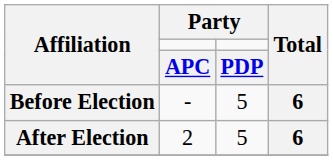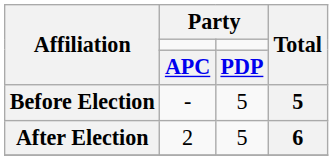 <table class="wikitable" style="text-align:center">
 <tr>
 <th rowspan="3">Affiliation</th>
 <th colspan="2">Party</th>
 <th rowspan="3">Total</th>
 </tr>
 <tr>
 <td style="background-color:"></td>
 <td style="background-color:"></td>
 </tr>
 <tr>
 <th><a href='#'>APC</a></th>
 <th><a href='#'>PDP</a></th>
 </tr>
 <tr>
 <th>Before Election</th>
 <td>-</td>
 <td>5</td>
-<th>6</th>
+<th>5</th>
 </tr>
 <tr>
 <th>After Election</th>
 <td>2</td>
 <td>5</td>
 <th>6</th>
 </tr>
 <tr>
 </tr>
 </table>
